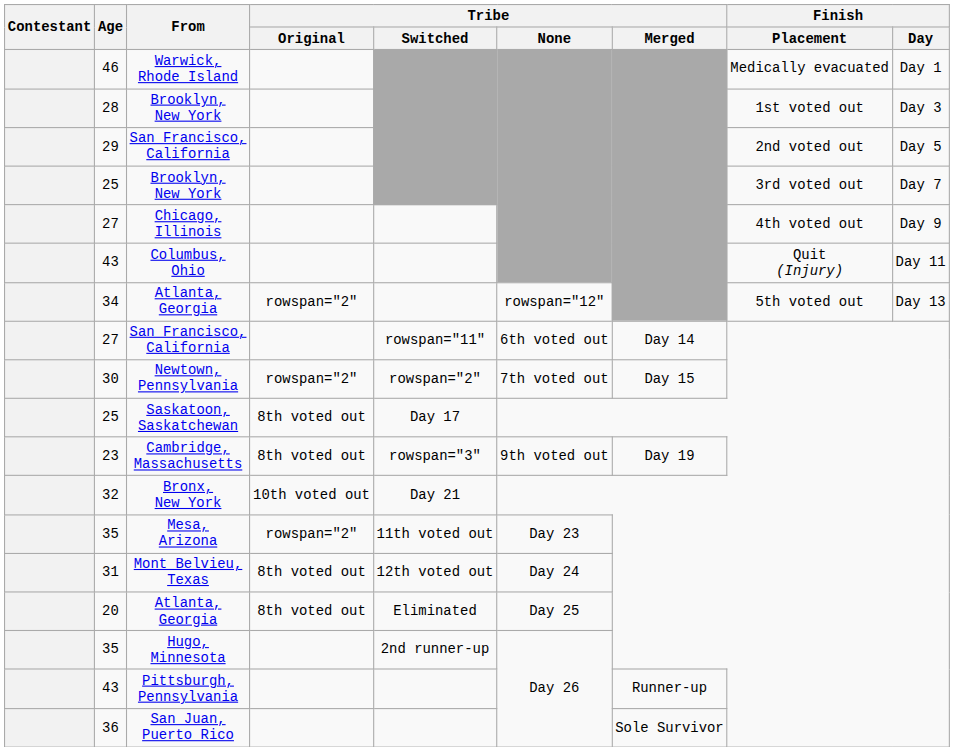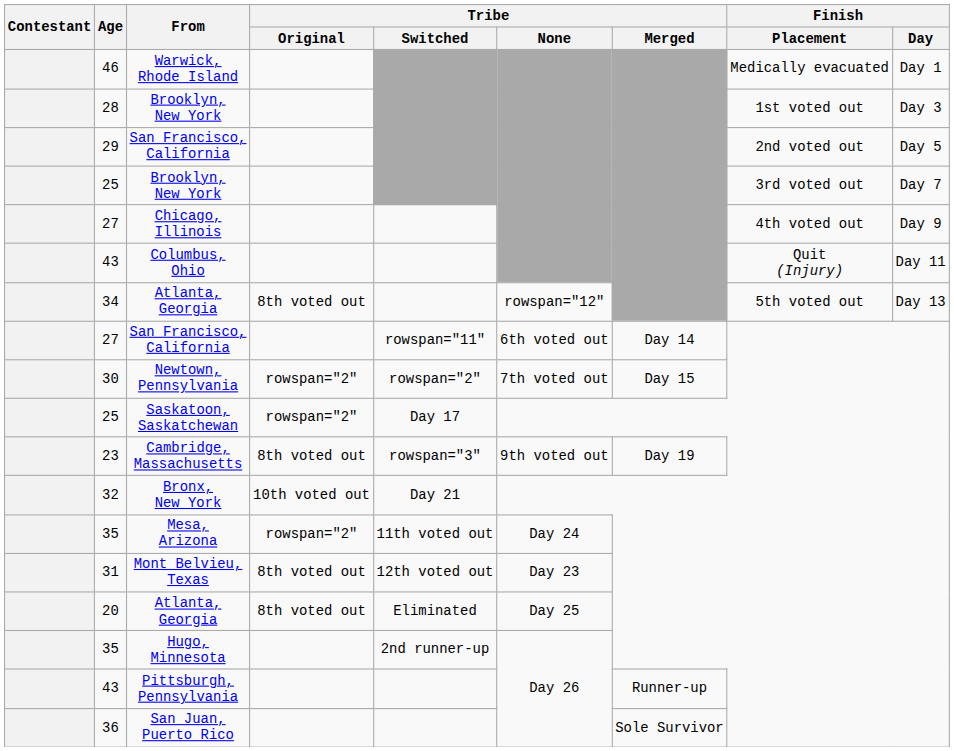 <table class="wikitable sortable" style="text-align:center;">
 <tr>
 <th rowspan="2" scope="col">Contestant</th>
 <th rowspan="2" scope="col">Age</th>
 <th rowspan="2" scope="col" class="unsortable">From</th>
 <th colspan="4" scope="colgroup">Tribe</th>
 <th colspan="2" scope="colgroup">Finish</th>
 </tr>
 <tr>
 <th scope="col">Original</th>
 <th scope="col">Switched</th>
 <th scope="col" class=unsortable>None</th>
 <th scope="col" class=unsortable>Merged</th>
 <th scope="col" class=unsortable>Placement</th>
 <th scope="col" class=unsortable>Day</th>
 </tr>
 <tr>
 <th scope="row" style="text-align:left"></th>
 <td>46</td>
 <td><a href='#'>Warwick,<br>Rhode Island</a></td>
 <td></td>
 <td rowspan="4" style="background:darkgray"></td>
 <td rowspan="6" style="background:darkgray"></td>
 <td rowspan="7" style="background:darkgray"></td>
 <td>Medically evacuated</td>
 <td>Day 1</td>
 </tr>
 <tr>
 <th scope="row" style="text-align:left"></th>
 <td>28</td>
 <td><a href='#'>Brooklyn,<br>New York</a></td>
 <td></td>
 <td>1st voted out</td>
 <td>Day 3</td>
 </tr>
 <tr>
 <th scope="row" style="text-align:left"></th>
 <td>29</td>
 <td><a href='#'>San Francisco,<br>California</a></td>
 <td></td>
 <td>2nd voted out</td>
 <td>Day 5</td>
 </tr>
 <tr>
 <th scope="row" style="text-align:left"></th>
 <td>25</td>
 <td><a href='#'>Brooklyn,<br>New York</a></td>
 <td></td>
 <td>3rd voted out</td>
 <td>Day 7</td>
 </tr>
 <tr>
 <th scope="row" style="text-align:left"></th>
 <td>27</td>
 <td><a href='#'>Chicago,<br>Illinois</a></td>
 <td></td>
 <td></td>
 <td>4th voted out</td>
 <td>Day 9</td>
 </tr>
 <tr>
 <th scope="row" style="text-align:left"></th>
 <td>43</td>
 <td><a href='#'>Columbus,<br>Ohio</a></td>
 <td></td>
 <td></td>
 <td>Quit <br><em>(Injury)</em></td>
 <td>Day 11</td>
 </tr>
 <tr>
 <th scope="row" style="text-align:left"></th>
 <td>34</td>
 <td><a href='#'>Atlanta,<br>Georgia</a></td>
-<td>rowspan="2" </td>
+<td>8th voted out<br></td>
 <td></td>
 <td>rowspan="12" </td>
 <td>5th voted out</td>
 <td>Day 13</td>
 </tr>
 <tr>
 <th scope="row" style="text-align:left"></th>
 <td>27</td>
 <td><a href='#'>San Francisco,<br>California</a></td>
 <td></td>
 <td>rowspan="11" </td>
 <td>6th voted out<br></td>
 <td>Day 14</td>
 </tr>
 <tr>
 <th scope="row" style="text-align:left"></th>
 <td>30</td>
 <td><a href='#'>Newtown,<br>Pennsylvania</a></td>
 <td>rowspan="2" </td>
 <td>rowspan="2" </td>
 <td>7th voted out<br></td>
 <td>Day 15</td>
 </tr>
 <tr>
 <th scope="row" style="text-align:left"></th>
 <td>25</td>
 <td><a href='#'>Saskatoon,<br>Saskatchewan</a></td>
-<td>8th voted out<br></td>
+<td>rowspan="2" </td>
 <td>Day 17</td>
 </tr>
 <tr>
 <th scope="row" style="text-align:left"></th>
 <td>23</td>
 <td><a href='#'>Cambridge,<br>Massachusetts</a></td>
 <td>8th voted out<br></td>
 <td>rowspan="3" </td>
 <td>9th voted out<br></td>
 <td>Day 19</td>
 </tr>
 <tr>
 <th scope="row" style="text-align:left"></th>
 <td>32</td>
 <td><a href='#'>Bronx,<br>New York</a></td>
 <td>10th voted out<br></td>
 <td>Day 21</td>
 </tr>
 <tr>
 <th scope="row" style="text-align:left"></th>
 <td>35</td>
 <td><a href='#'>Mesa,<br>Arizona</a></td>
 <td>rowspan="2" </td>
 <td>11th voted out<br></td>
-<td>Day 23</td>
+<td>Day 24</td>
 </tr>
 <tr>
 <th scope="row" style="text-align:left"></th>
 <td>31</td>
 <td><a href='#'>Mont Belvieu,<br>Texas</a></td>
 <td>8th voted out<br></td>
 <td>12th voted out<br></td>
-<td>Day 24</td>
+<td>Day 23</td>
 </tr>
 <tr>
 <th scope="row" style="text-align:left"></th>
 <td>20</td>
 <td><a href='#'>Atlanta,<br>Georgia</a></td>
 <td>8th voted out<br></td>
 <td>Eliminated<br></td>
 <td>Day 25</td>
 </tr>
 <tr>
 <th scope="row" style="text-align:left"></th>
 <td>35</td>
 <td><a href='#'>Hugo,<br>Minnesota</a></td>
 <td></td>
 <td>2nd runner-up</td>
 <td rowspan="3">Day 26</td>
 </tr>
 <tr>
 <th scope="row" style="text-align:left"></th>
 <td>43</td>
 <td><a href='#'>Pittsburgh,<br>Pennsylvania</a></td>
 <td></td>
 <td></td>
 <td>Runner-up</td>
 </tr>
 <tr>
 <th scope="row" style="text-align:left"></th>
 <td>36</td>
 <td><a href='#'>San Juan,<br>Puerto Rico</a></td>
 <td></td>
 <td></td>
 <td>Sole Survivor</td>
 </tr>
 </table>
